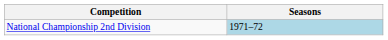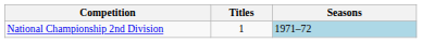 <table class="wikitable" style="width: 50%;">
 <tr>
 <th style="width: 50%;">Competition</th>
+<th style="width: 15%; text-align: center;">Titles</th>
 <th style="width: 35%;">Seasons</th>
 </tr>
 <tr>
 <td><a href='#'>National Championship 2nd Division</a></td>
+<td style="text-align: center;">1</td>
 <td style="background: lightblue;">1971–72</td>
 </tr>
 </table>
